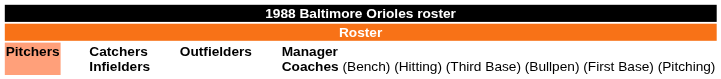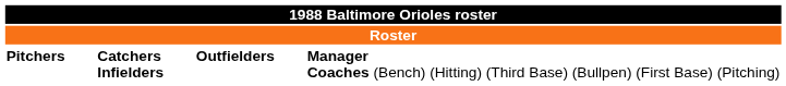 <table class="toccolours" style="font-size: 95%;">
 <tr>
 <th colspan="10" style="background-color: black; color: white; text-align: center;">1988 Baltimore Orioles roster</th>
 </tr>
 <tr>
 <td colspan="10" style="background-color: #F87217; color: white; text-align: center;"><strong>Roster</strong></td>
 </tr>
 <tr>
-<td valign="top" style="background: lightsalmon;"><strong>Pitchers</strong><br>                    </td>
+<td valign="top"><strong>Pitchers</strong><br>                    </td>
 <td width="25px"></td>
 <td valign="top"><strong>Catchers</strong><br>   <strong>Infielders</strong>        </td>
 <td width="25px"></td>
 <td valign="top"><strong>Outfielders</strong><br>          </td>
 <td width="25px"></td>
 <td valign="top"><strong>Manager</strong><br>  <strong>Coaches</strong>  (Bench)  (Hitting)  (Third Base)  (Bullpen)  (First Base)  (Pitching)</td>
 </tr>
 <tr>
 </tr>
 </table>
